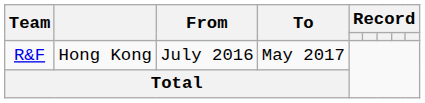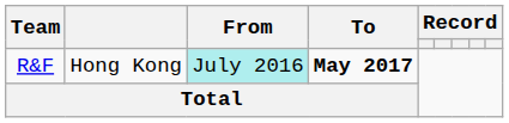 <table class="wikitable" style="text-align: center">
 <tr>
 <th rowspan="2">Team</th>
 <th rowspan="2"></th>
 <th rowspan="2">From</th>
 <th rowspan="2">To</th>
 <th colspan="5">Record</th>
 </tr>
 <tr>
 <th></th>
 <th></th>
 <th></th>
 <th></th>
 <th></th>
 </tr>
 <tr>
 <td><a href='#'>R&F</a></td>
 <td>Hong Kong</td>
-<td>July 2016</td>
-<td>May 2017<br></td>
+<td style="background: paleturquoise;">July 2016</td>
+<td><strong>May 2017<br></strong></td>
 </tr>
 <tr>
 <th colspan="4">Total<br></th>
 </tr>
 </table>
